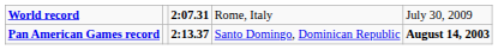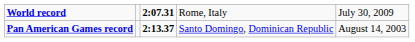 <table class="wikitable">
 <tr>
 <td><strong><a href='#'>World record</a></strong></td>
 <td></td>
 <td><strong>2:07.31</strong></td>
 <td>Rome, Italy</td>
 <td>July 30, 2009</td>
 </tr>
 <tr>
 <td><strong><a href='#'>Pan American Games record</a></strong></td>
 <td></td>
 <td><strong>2:13.37</strong></td>
 <td><a href='#'>Santo Domingo</a>, <a href='#'>Dominican Republic</a></td>
-<td><strong>August 14, 2003</strong></td>
+<td>August 14, 2003</td>
 </tr>
 </table>
